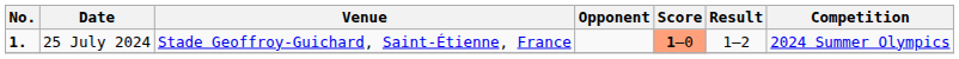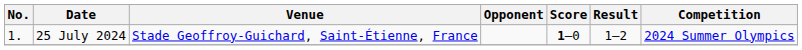 <table class="wikitable">
 <tr>
 <th>No.</th>
 <th>Date</th>
 <th>Venue</th>
 <th>Opponent</th>
 <th>Score</th>
 <th>Result</th>
 <th>Competition</th>
 </tr>
 <tr>
-<td><strong>1.</strong></td>
+<td>1.</td>
 <td>25 July 2024</td>
 <td><a href='#'>Stade Geoffroy-Guichard</a>, <a href='#'>Saint-Étienne</a>, <a href='#'>France</a></td>
 <td></td>
-<td align=center style="background: lightsalmon;"><strong>1</strong>–0</td>
+<td align=center><strong>1</strong>–0</td>
 <td align=center>1–2</td>
 <td><a href='#'>2024 Summer Olympics</a></td>
 </tr>
 <tr>
 </tr>
 </table>
